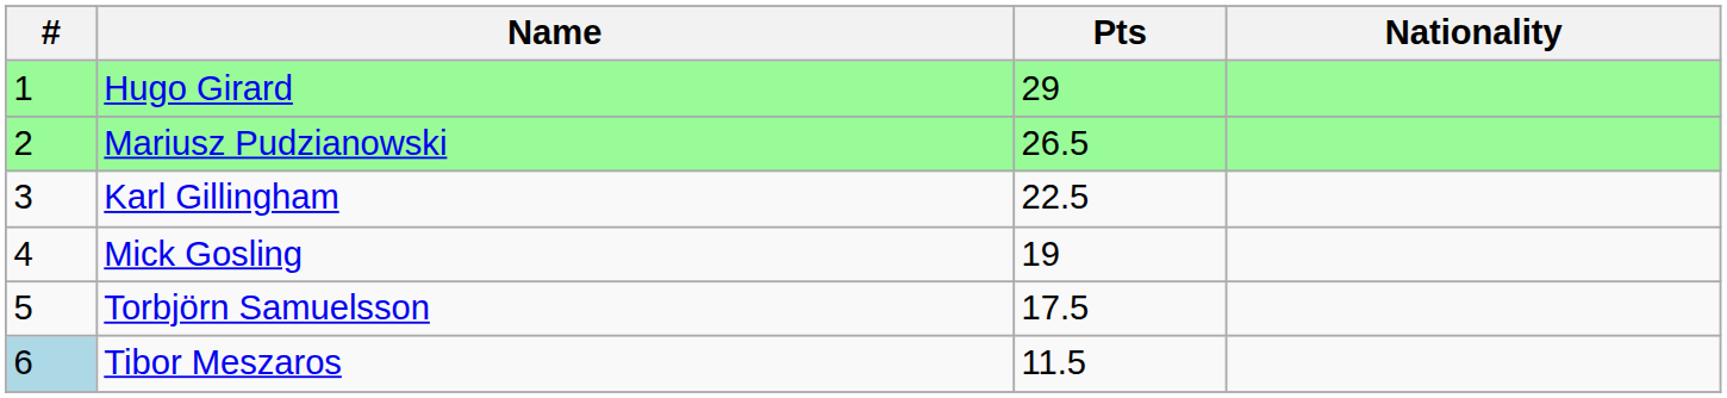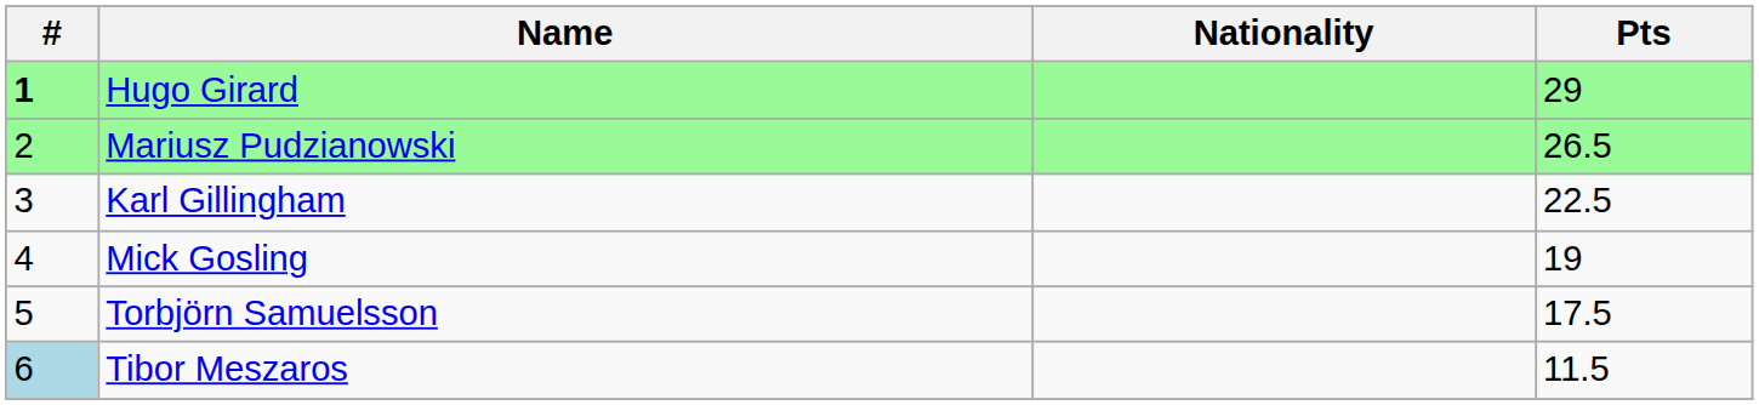 <table class="wikitable" style="display: inline-table; width: 50%;">
 <tr>
 <th>#</th>
 <th>Name</th>
+<th>Nationality</th>
 <th>Pts</th>
-<th>Nationality</th>
 </tr>
 <tr style="background:palegreen;">
-<td>1</td>
+<td><strong>1</strong></td>
 <td><a href='#'>Hugo Girard</a></td>
+<td></td>
 <td>29</td>
-<td></td>
 </tr>
 <tr style="background:palegreen;">
 <td>2</td>
 <td><a href='#'>Mariusz Pudzianowski</a></td>
+<td></td>
 <td>26.5</td>
-<td></td>
 </tr>
 <tr>
 <td>3</td>
 <td><a href='#'>Karl Gillingham</a></td>
+<td></td>
 <td>22.5</td>
-<td></td>
 </tr>
 <tr>
 <td>4</td>
 <td><a href='#'>Mick Gosling</a></td>
+<td></td>
 <td>19</td>
-<td></td>
 </tr>
 <tr>
 <td>5</td>
 <td><a href='#'>Torbjörn Samuelsson</a></td>
+<td></td>
 <td>17.5</td>
-<td></td>
 </tr>
 <tr>
 <td style="background: lightblue;">6</td>
 <td><a href='#'>Tibor Meszaros</a></td>
+<td></td>
 <td>11.5</td>
-<td></td>
 </tr>
 </table>
